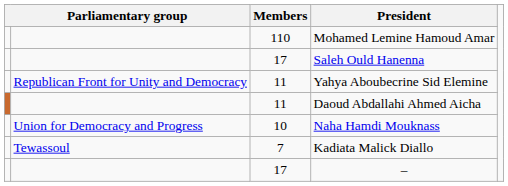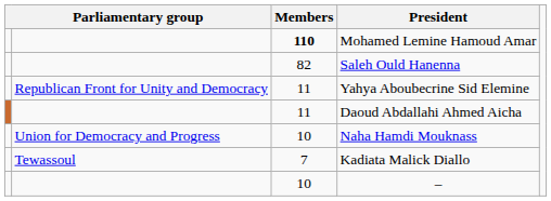 <table class="wikitable" style="margin:1em auto;font-size:95%;text-align:center;">
 <tr>
 <th colspan="2">Parliamentary group</th>
 <th>Members</th>
 <th>President</th>
 <td rowspan="8"></td>
 </tr>
 <tr>
 <td style="background:"></td>
 <td style="text-align:left;"></td>
-<td>110</td>
+<td><strong>110</strong></td>
 <td style="text-align:left;">Mohamed Lemine Hamoud Amar</td>
 </tr>
 <tr>
 <td style="background:"></td>
 <td style="text-align:left;"></td>
-<td>17</td>
+<td>82</td>
 <td style="text-align:left;"><a href='#'>Saleh Ould Hanenna</a></td>
 </tr>
 <tr>
 <td style="background:"></td>
 <td style="text-align:left;"><a href='#'>Republican Front for Unity and Democracy</a></td>
 <td>11</td>
 <td style="text-align:left;">Yahya Aboubecrine Sid Elemine</td>
 </tr>
 <tr>
 <td style="background:#C96A2F;"></td>
 <td style="text-align:left;"></td>
 <td>11</td>
 <td style="text-align:left;">Daoud Abdallahi Ahmed Aicha</td>
 </tr>
 <tr>
 <td style="background:"></td>
 <td style="text-align:left;"><a href='#'>Union for Democracy and Progress</a></td>
 <td>10</td>
 <td style="text-align:left;"><a href='#'>Naha Hamdi Mouknass</a></td>
 </tr>
 <tr>
 <td style="background-color:"></td>
 <td style="text-align:left;"><a href='#'>Tewassoul</a></td>
 <td>7</td>
 <td style="text-align:left;">Kadiata Malick Diallo</td>
 </tr>
 <tr>
 <td style="background:"></td>
 <td style="text-align:left;"></td>
-<td>17</td>
+<td>10</td>
 <td>–</td>
 </tr>
 </table>
